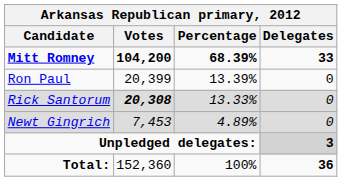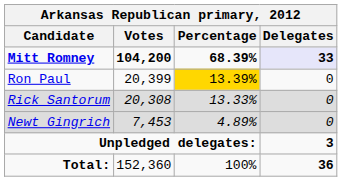 <table class="wikitable">
 <tr>
 <th colspan="4">Arkansas Republican primary, 2012</th>
 </tr>
 <tr>
 <th>Candidate</th>
 <th>Votes</th>
 <th>Percentage</th>
 <th>Delegates</th>
 </tr>
 <tr align="right" >
 <td align="left"><strong><a href='#'>Mitt Romney</a></strong></td>
 <td><strong>104,200</strong></td>
 <td><strong>68.39%</strong></td>
-<td><strong>33</strong></td>
+<td style="background: lavender;"><strong>33</strong></td>
 </tr>
 <tr align="right">
 <td align="left"><a href='#'>Ron Paul</a></td>
 <td>20,399</td>
-<td>13.39%</td>
+<td style="background: gold;">13.39%</td>
 <td>0</td>
 </tr>
 <tr align="right" bgcolor="DDDDDD">
 <td align="left"><em><a href='#'>Rick Santorum</a></em></td>
-<td><strong><em>20,308</em></strong></td>
+<td><em>20,308</em></td>
 <td><em>13.33%</em></td>
 <td><em>0</em></td>
 </tr>
 <tr align="right" bgcolor="DDDDDD">
 <td align="left"><em><a href='#'>Newt Gingrich</a></em></td>
 <td><em>7,453</em></td>
 <td><em>4.89%</em></td>
 <td><em>0</em></td>
 </tr>
 <tr align="right">
 <td colspan="3"><strong>Unpledged delegates:</strong></td>
-<td style="background: lightgrey;"><strong>3</strong></td>
+<td><strong>3</strong></td>
 </tr>
 <tr align="right">
 <td><strong>Total:</strong></td>
 <td>152,360</td>
 <td>100%</td>
 <td><strong>36</strong></td>
 </tr>
 </table>
